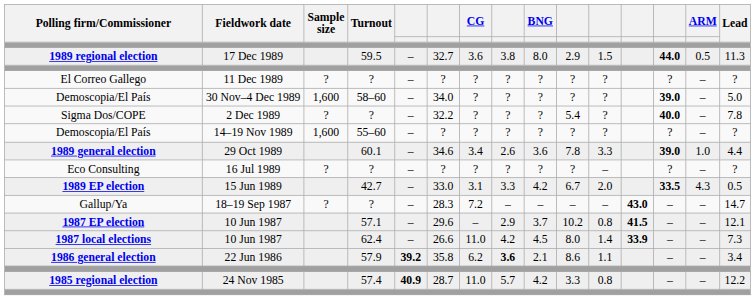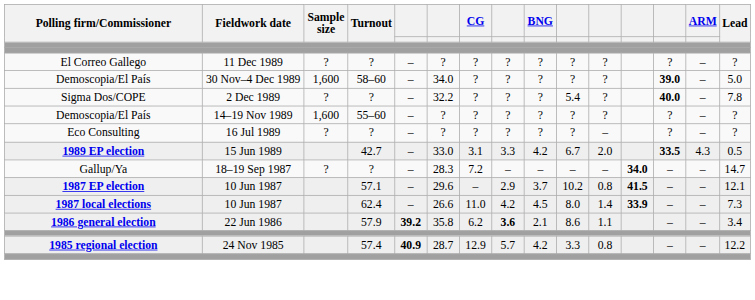 <table class="wikitable collapsible collapsed" style="text-align:center; font-size:95%; line-height:16px;">
 <tr style="height:42px;">
 <th style="width:250px;" rowspan="2">Polling firm/Commissioner</th>
 <th style="width:125px;" rowspan="2">Fieldwork date</th>
 <th style="width:50px;" rowspan="2">Sample size</th>
 <th style="width:45px;" rowspan="2">Turnout</th>
 <th style="width:35px;"></th>
 <th style="width:35px;"></th>
 <th style="width:35px;"><a href='#'>CG</a></th>
 <th style="width:35px;"></th>
 <th style="width:35px;"><a href='#'>BNG</a></th>
 <th style="width:35px;"></th>
 <th style="width:35px;"></th>
 <th style="width:35px;"></th>
 <th style="width:35px;"></th>
 <th style="width:35px;"><a href='#'>ARM</a></th>
 <th style="width:30px;" rowspan="2">Lead</th>
 </tr>
 <tr>
 <th style="color:inherit;background:"></th>
 <th style="color:inherit;background:"></th>
 <th style="color:inherit;background:"></th>
 <th style="color:inherit;background:"></th>
 <th style="color:inherit;background:"></th>
 <th style="color:inherit;background:"></th>
 <th style="color:inherit;background:"></th>
 <th style="color:inherit;background:"></th>
 <th style="color:inherit;background:"></th>
 <th style="color:inherit;background:"></th>
 </tr>
 <tr>
 <td colspan="15" style="background:#A0A0A0"></td>
-</tr>
-<tr style="background:#EFEFEF;">
-<td><strong><a href='#'>1989 regional election</a></strong></td>
-<td>17 Dec 1989</td>
-<td></td>
-<td>59.5</td>
-<td>–</td>
-<td>32.7<br></td>
-<td>3.6<br></td>
-<td>3.8<br></td>
-<td>8.0<br></td>
-<td>2.9<br></td>
-<td>1.5<br></td>
-<td></td>
-<td><strong>44.0</strong><br></td>
-<td>0.5<br></td>
-<td style="background:">11.3</td>
 </tr>
 <tr>
 <td colspan="15" style="background:#A0A0A0"></td>
 </tr>
 <tr>
 <td>El Correo Gallego</td>
 <td>11 Dec 1989</td>
 <td>?</td>
 <td>?</td>
 <td>–</td>
 <td>?<br></td>
 <td>?<br></td>
 <td>?<br></td>
 <td>?<br></td>
 <td>?<br></td>
 <td>?<br></td>
 <td></td>
 <td>?<br></td>
 <td>–</td>
 <td style="background:">?</td>
 </tr>
 <tr>
 <td>Demoscopia/El País</td>
 <td>30 Nov–4 Dec 1989</td>
 <td>1,600</td>
 <td>58–60</td>
 <td>–</td>
 <td>34.0<br></td>
 <td>?<br></td>
 <td>?<br></td>
 <td>?<br></td>
 <td>?<br></td>
 <td>?<br></td>
 <td></td>
 <td><strong>39.0</strong><br></td>
 <td>–</td>
 <td style="background:">5.0</td>
 </tr>
 <tr>
 <td>Sigma Dos/COPE</td>
 <td>2 Dec 1989</td>
 <td>?</td>
 <td>?</td>
 <td>–</td>
 <td>32.2<br></td>
 <td>?<br></td>
 <td>?<br></td>
 <td>?<br></td>
 <td>5.4<br></td>
 <td>?<br></td>
 <td></td>
 <td><strong>40.0</strong><br></td>
 <td>–</td>
 <td style="background:">7.8</td>
 </tr>
 <tr>
 <td>Demoscopia/El País</td>
 <td>14–19 Nov 1989</td>
 <td>1,600</td>
 <td>55–60</td>
 <td>–</td>
 <td>?<br></td>
 <td>?<br></td>
 <td>?<br></td>
 <td>?<br></td>
 <td>?<br></td>
 <td>?<br></td>
 <td></td>
 <td>?<br></td>
 <td>–</td>
 <td style="background:">?</td>
 </tr>
-<tr style="background:#EFEFEF;">
-<td><strong><a href='#'>1989 general election</a></strong></td>
-<td>29 Oct 1989</td>
-<td></td>
-<td>60.1</td>
-<td>–</td>
-<td>34.6<br></td>
-<td>3.4<br></td>
-<td>2.6<br></td>
-<td>3.6<br></td>
-<td>7.8<br></td>
-<td>3.3<br></td>
-<td></td>
-<td><strong>39.0</strong><br></td>
-<td>1.0<br></td>
-<td style="background:">4.4</td>
-</tr>
 <tr>
 <td>Eco Consulting</td>
 <td>16 Jul 1989</td>
 <td>?</td>
 <td>?</td>
 <td>–</td>
 <td>?<br></td>
 <td>?<br></td>
 <td>?<br></td>
 <td>?<br></td>
 <td>?<br></td>
 <td>–</td>
 <td></td>
 <td>?<br></td>
 <td>–</td>
 <td style="background:">?</td>
 </tr>
 <tr style="background:#EFEFEF;">
 <td><strong><a href='#'>1989 EP election</a></strong></td>
 <td>15 Jun 1989</td>
 <td></td>
 <td>42.7</td>
 <td>–</td>
 <td>33.0<br></td>
 <td>3.1<br></td>
 <td>3.3<br></td>
 <td>4.2<br></td>
 <td>6.7<br></td>
 <td>2.0<br></td>
 <td></td>
 <td><strong>33.5</strong><br></td>
 <td>4.3<br></td>
 <td style="background:">0.5</td>
 </tr>
 <tr>
 <td>Gallup/Ya</td>
 <td>18–19 Sep 1987</td>
 <td>?</td>
 <td>?</td>
 <td>–</td>
 <td>28.3</td>
 <td>7.2</td>
 <td>–</td>
 <td>–</td>
 <td>–</td>
 <td>–</td>
-<td><strong>43.0</strong></td>
+<td><strong>34.0</strong></td>
 <td>–</td>
 <td>–</td>
 <td style="background:">14.7</td>
 </tr>
 <tr style="background:#EFEFEF;">
 <td><strong><a href='#'>1987 EP election</a></strong></td>
 <td>10 Jun 1987</td>
 <td></td>
 <td>57.1</td>
 <td>–</td>
 <td>29.6<br></td>
 <td>–</td>
 <td>2.9<br></td>
 <td>3.7<br></td>
 <td>10.2<br></td>
 <td>0.8<br></td>
 <td><strong>41.5</strong><br></td>
 <td>–</td>
 <td>–</td>
 <td style="background:">12.1</td>
 </tr>
 <tr style="background:#EFEFEF;">
 <td><strong><a href='#'>1987 local elections</a></strong></td>
 <td>10 Jun 1987</td>
 <td></td>
 <td>62.4</td>
 <td>–</td>
 <td>26.6</td>
 <td>11.0</td>
 <td>4.2</td>
 <td>4.5</td>
 <td>8.0</td>
 <td>1.4</td>
 <td><strong>33.9</strong></td>
 <td>–</td>
 <td>–</td>
 <td style="background:">7.3</td>
 </tr>
 <tr style="background:#EFEFEF;">
 <td><strong><a href='#'>1986 general election</a></strong></td>
 <td>22 Jun 1986</td>
 <td></td>
 <td>57.9</td>
 <td><strong>39.2</strong><br></td>
 <td>35.8<br></td>
 <td>6.2<br></td>
 <td><strong>3.6<br></strong></td>
 <td>2.1<br></td>
 <td>8.6<br></td>
 <td>1.1<br></td>
 <td></td>
 <td>–</td>
 <td>–</td>
 <td style="background:">3.4</td>
 </tr>
 <tr>
 <td colspan="15" style="background:#A0A0A0"></td>
 </tr>
 <tr style="background:#EFEFEF;">
 <td><strong><a href='#'>1985 regional election</a></strong></td>
 <td>24 Nov 1985</td>
 <td></td>
 <td>57.4</td>
 <td><strong>40.9</strong><br></td>
 <td>28.7<br></td>
-<td>11.0</td>
+<td>12.9<br></td>
 <td>5.7<br></td>
 <td>4.2<br></td>
 <td>3.3<br></td>
 <td>0.8<br></td>
 <td></td>
 <td>–</td>
 <td>–</td>
 <td style="background:">12.2</td>
 </tr>
 <tr>
 <td colspan="15" style="background:#A0A0A0"></td>
 </tr>
 </table>
